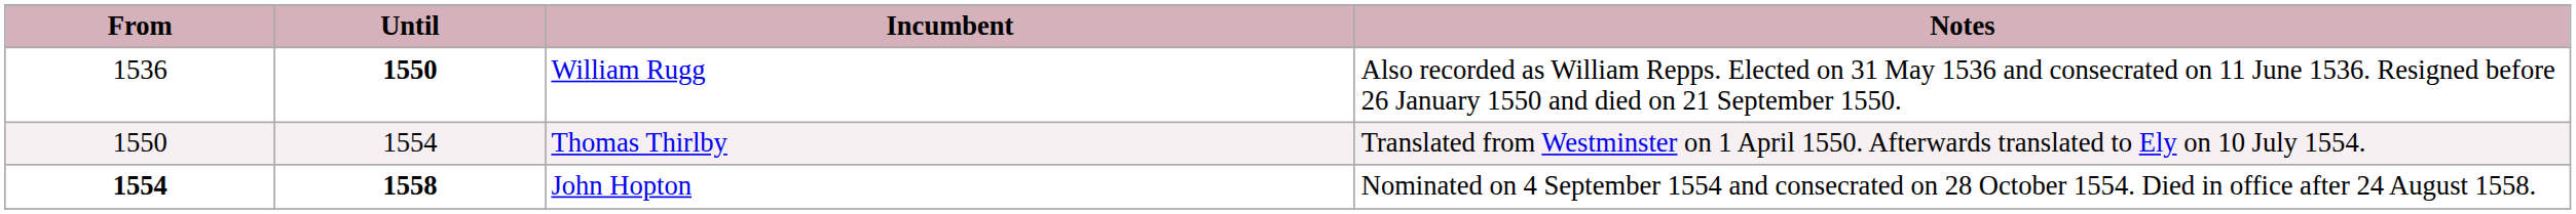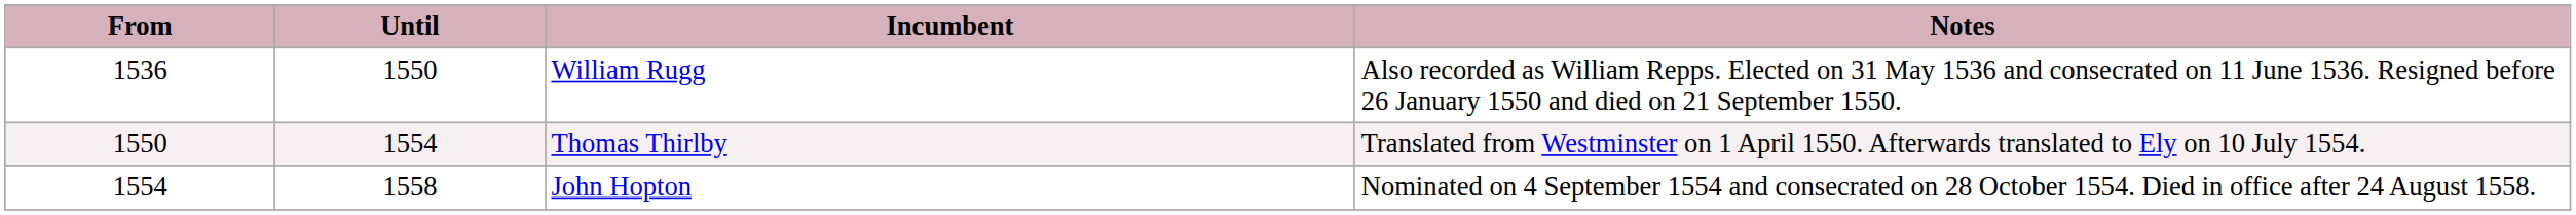 <table class="wikitable" style="width:95%;">
 <tr>
 </tr>
 <tr>
 <th style="background-color: #D4B1BB; width: 10%;">From</th>
 <th style="background-color: #D4B1BB; width: 10%;">Until</th>
 <th style="background-color: #D4B1BB; width: 30%;">Incumbent</th>
 <th style="background-color: #D4B1BB; width: 45%;">Notes</th>
 </tr>
 <tr valign="top" style="background-color: white;">
 <td align="center">1536</td>
-<td align="center"><strong>1550</strong></td>
+<td align="center">1550</td>
 <td><a href='#'>William Rugg</a></td>
 <td>Also recorded as William Repps. Elected on 31 May 1536 and consecrated on 11 June 1536. Resigned before 26 January 1550 and died on 21 September 1550.</td>
 </tr>
 <tr valign="top" style="background-color: #F7F0F2;">
 <td align="center">1550</td>
 <td align="center">1554</td>
 <td><a href='#'>Thomas Thirlby</a></td>
 <td>Translated from <a href='#'>Westminster</a> on 1 April 1550. Afterwards translated to <a href='#'>Ely</a> on 10 July 1554.</td>
 </tr>
 <tr valign="top" style="background-color: white;">
-<td align="center"><strong>1554</strong></td>
-<td align="center"><strong>1558</strong></td>
+<td align="center">1554</td>
+<td align="center">1558</td>
 <td><a href='#'>John Hopton</a></td>
 <td>Nominated on 4 September 1554 and consecrated on 28 October 1554. Died in office after 24 August 1558.</td>
 </tr>
 </table>
